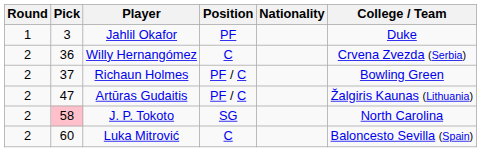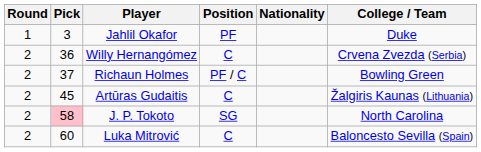 <table class="wikitable sortable sortable">
 <tr>
 <th>Round</th>
 <th>Pick</th>
 <th>Player</th>
 <th>Position</th>
 <th>Nationality</th>
 <th>College / Team</th>
 </tr>
 <tr style="text-align: center">
 <td>1</td>
 <td>3</td>
 <td><a href='#'>Jahlil Okafor</a></td>
 <td><a href='#'>PF</a></td>
 <td></td>
 <td><a href='#'>Duke</a></td>
 </tr>
 <tr style="text-align: center">
 <td>2</td>
 <td>36</td>
 <td><a href='#'>Willy Hernangómez</a></td>
 <td><a href='#'>C</a></td>
 <td></td>
 <td><a href='#'>Crvena Zvezda</a> <small>(<a href='#'>Serbia</a>)</small></td>
 </tr>
 <tr style="text-align: center">
 <td>2</td>
 <td>37</td>
 <td><a href='#'>Richaun Holmes</a></td>
 <td><a href='#'>PF</a> / <a href='#'>C</a></td>
 <td></td>
 <td><a href='#'>Bowling Green</a></td>
 </tr>
 <tr style="text-align: center">
 <td>2</td>
-<td>47</td>
+<td>45</td>
 <td><a href='#'>Artūras Gudaitis</a></td>
-<td><a href='#'>PF</a> / <a href='#'>C</a></td>
+<td><a href='#'>C</a></td>
 <td></td>
 <td><a href='#'>Žalgiris Kaunas</a> <small>(<a href='#'>Lithuania</a>)</small></td>
 </tr>
 <tr style="text-align: center">
 <td>2</td>
 <td style="background: pink;">58</td>
 <td><a href='#'>J. P. Tokoto</a></td>
 <td><a href='#'>SG</a></td>
 <td></td>
 <td><a href='#'>North Carolina</a></td>
 </tr>
 <tr style="text-align: center">
 <td>2</td>
 <td>60</td>
 <td><a href='#'>Luka Mitrović</a></td>
 <td><a href='#'>C</a></td>
 <td></td>
 <td><a href='#'>Baloncesto Sevilla</a> <small>(<a href='#'>Spain</a>)</small></td>
 </tr>
 </table>
